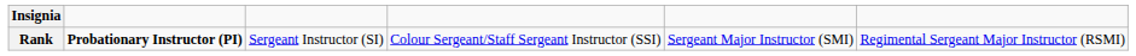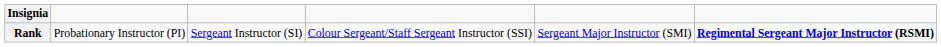 <table class="wikitable" style="margin:1em auto;">
 <tr align="center">
 <th>Insignia<br></th>
 <td></td>
 <td></td>
 <td></td>
 <td></td>
 <td></td>
 </tr>
 <tr align="center">
 <th>Rank</th>
-<td><strong>Probationary Instructor (PI)</strong></td>
+<td>Probationary Instructor (PI)</td>
 <td><a href='#'>Sergeant</a> Instructor (SI)</td>
 <td><a href='#'>Colour Sergeant/Staff Sergeant</a> Instructor (SSI)</td>
 <td><a href='#'>Sergeant Major Instructor</a> (SMI)</td>
-<td><a href='#'>Regimental Sergeant Major Instructor</a> (RSMI)</td>
+<td><strong><a href='#'>Regimental Sergeant Major Instructor</a> (RSMI)</strong></td>
 </tr>
 </table>
